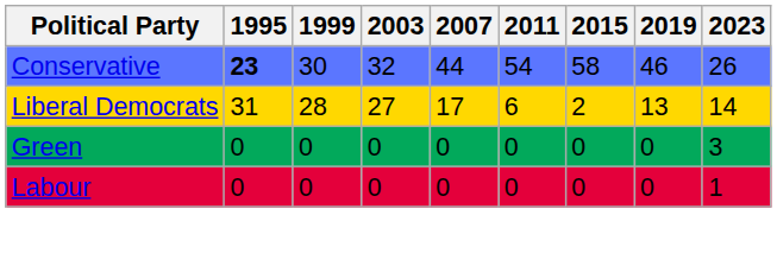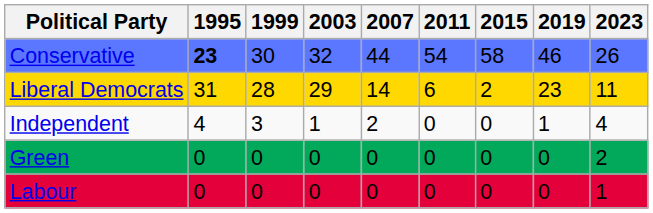 <table class="wikitable" style="font-size: 95%;">
 <tr>
 <th>Political Party</th>
 <th>1995</th>
 <th>1999</th>
 <th>2003</th>
 <th>2007</th>
 <th>2011</th>
 <th>2015</th>
 <th>2019</th>
 <th>2023</th>
 </tr>
 <tr ! style="background-color: #5B76FF">
 <td><a href='#'>Conservative</a></td>
 <td><strong>23</strong></td>
 <td>30</td>
 <td>32</td>
 <td>44</td>
 <td>54</td>
 <td>58</td>
 <td>46</td>
 <td>26</td>
 </tr>
 <tr ! style="background-color: #FFD800">
 <td><a href='#'>Liberal Democrats</a></td>
 <td>31</td>
 <td>28</td>
-<td>27</td>
-<td>17</td>
+<td>29</td>
+<td>14</td>
 <td>6</td>
 <td>2</td>
-<td>13</td>
-<td>14</td>
+<td>23</td>
+<td>11</td>
+</tr>
+<tr ! style="background-color:">
+<td><a href='#'>Independent</a></td>
+<td>4</td>
+<td>3</td>
+<td>1</td>
+<td>2</td>
+<td>0</td>
+<td>0</td>
+<td>1</td>
+<td>4</td>
 </tr>
 <tr ! style="background-color: #02A95B">
 <td><a href='#'>Green</a></td>
 <td>0</td>
 <td>0</td>
 <td>0</td>
 <td>0</td>
 <td>0</td>
 <td>0</td>
 <td>0</td>
-<td>3</td>
+<td>2</td>
 </tr>
 <tr ! style="background-color: #E4003B">
 <td><a href='#'>Labour</a></td>
 <td>0</td>
 <td>0</td>
 <td>0</td>
 <td>0</td>
 <td>0</td>
 <td>0</td>
 <td>0</td>
 <td>1</td>
 </tr>
 </table>
